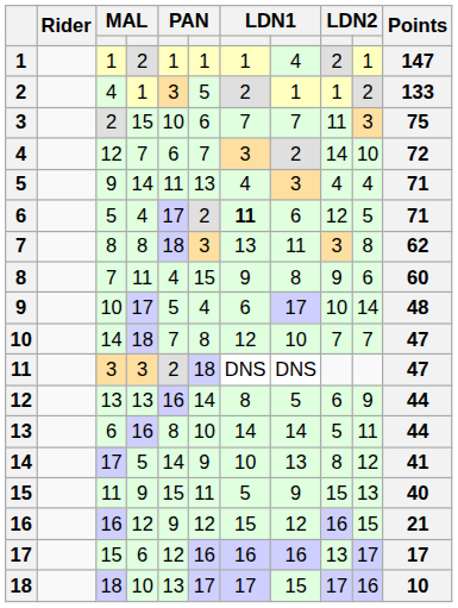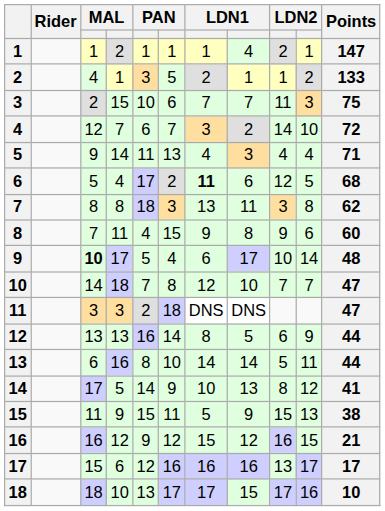 <table class="wikitable plainrowheaders" style="font-size:85%; text-align:center">
 <tr>
 <th rowspan=2 style="vertical-align:middle"></th>
 <th rowspan=2 style="vertical-align:middle">Rider</th>
 <th colspan=2>MAL<br></th>
 <th colspan=2>PAN<br></th>
 <th colspan=2>LDN1<br></th>
 <th colspan=2>LDN2<br></th>
 <th rowspan=2 style="vertical-align:middle">Points</th>
 </tr>
 <tr>
 <th></th>
 <th></th>
 <th></th>
 <th></th>
 <th></th>
 <th></th>
 <th></th>
 <th></th>
 </tr>
 <tr>
 <th>1</th>
 <td style="text-align:left"> </td>
 <td style="background:#FFFFBF;">1</td>
 <td style="background:#DFDFDF;">2</td>
 <td style="background:#FFFFBF;">1</td>
 <td style="background:#FFFFBF;">1</td>
 <td style="background:#FFFFBF;">1</td>
 <td style="background:#dfffdf;">4</td>
 <td style="background:#DFDFDF;">2</td>
 <td style="background:#FFFFBF;">1</td>
 <th>147</th>
 </tr>
 <tr>
 <th>2</th>
 <td style="text-align:left"></td>
 <td style="background:#dfffdf;">4</td>
 <td style="background:#FFFFBF;">1</td>
 <td style="background:#ffdf9f;">3</td>
 <td style="background:#dfffdf;">5</td>
 <td style="background:#DFDFDF;">2</td>
 <td style="background:#FFFFBF;">1</td>
 <td style="background:#FFFFBF;">1</td>
 <td style="background:#DFDFDF;">2</td>
 <th>133</th>
 </tr>
 <tr>
 <th>3</th>
 <td style="text-align:left"></td>
 <td style="background:#DFDFDF;">2</td>
 <td style="background:#dfffdf;">15</td>
 <td style="background:#dfffdf;">10</td>
 <td style="background:#dfffdf;">6</td>
 <td style="background:#dfffdf;">7</td>
 <td style="background:#dfffdf;">7</td>
 <td style="background:#dfffdf;">11</td>
 <td style="background:#ffdf9f;">3</td>
 <th>75</th>
 </tr>
 <tr>
 <th>4</th>
 <td style="text-align:left"></td>
 <td style="background:#dfffdf;">12</td>
 <td style="background:#dfffdf;">7</td>
 <td style="background:#dfffdf;">6</td>
 <td style="background:#dfffdf;">7</td>
 <td style="background:#ffdf9f;">3</td>
 <td style="background:#DFDFDF;">2</td>
 <td style="background:#dfffdf;">14</td>
 <td style="background:#dfffdf;">10</td>
 <th>72</th>
 </tr>
 <tr>
 <th>5</th>
 <td style="text-align:left"></td>
 <td style="background:#dfffdf;">9</td>
 <td style="background:#dfffdf;">14</td>
 <td style="background:#dfffdf;">11</td>
 <td style="background:#dfffdf;">13</td>
 <td style="background:#dfffdf;">4</td>
 <td style="background:#ffdf9f;">3</td>
 <td style="background:#dfffdf;">4</td>
 <td style="background:#dfffdf;">4</td>
 <th>71</th>
 </tr>
 <tr>
 <th>6</th>
 <td style="text-align:left"></td>
 <td style="background:#dfffdf;">5</td>
 <td style="background:#dfffdf;">4</td>
 <td style="background:#cfcfff;">17</td>
 <td style="background:#DFDFDF;">2</td>
 <td style="background:#dfffdf;"><strong>11</strong></td>
 <td style="background:#dfffdf;">6</td>
 <td style="background:#dfffdf;">12</td>
 <td style="background:#dfffdf;">5</td>
-<th>71</th>
+<th>68</th>
 </tr>
 <tr>
 <th>7</th>
 <td style="text-align:left"></td>
 <td style="background:#dfffdf;">8</td>
 <td style="background:#dfffdf;">8</td>
 <td style="background:#cfcfff;">18</td>
 <td style="background:#ffdf9f;">3</td>
 <td style="background:#dfffdf;">13</td>
 <td style="background:#dfffdf;">11</td>
 <td style="background:#ffdf9f;">3</td>
 <td style="background:#dfffdf;">8</td>
 <th>62</th>
 </tr>
 <tr>
 <th>8</th>
 <td style="text-align:left"></td>
 <td style="background:#dfffdf;">7</td>
 <td style="background:#dfffdf;">11</td>
 <td style="background:#dfffdf;">4</td>
 <td style="background:#dfffdf;">15</td>
 <td style="background:#dfffdf;">9</td>
 <td style="background:#dfffdf;">8</td>
 <td style="background:#dfffdf;">9</td>
 <td style="background:#dfffdf;">6</td>
 <th>60</th>
 </tr>
 <tr>
 <th>9</th>
 <td style="text-align:left"></td>
-<td style="background:#dfffdf;">10</td>
+<td style="background:#dfffdf;"><strong>10</strong></td>
 <td style="background:#cfcfff;">17</td>
 <td style="background:#dfffdf;">5</td>
 <td style="background:#dfffdf;">4</td>
 <td style="background:#dfffdf;">6</td>
 <td style="background:#cfcfff;">17</td>
 <td style="background:#dfffdf;">10</td>
 <td style="background:#dfffdf;">14</td>
 <th>48</th>
 </tr>
 <tr>
 <th>10</th>
 <td style="text-align:left"></td>
 <td style="background:#dfffdf;">14</td>
 <td style="background:#cfcfff;">18</td>
 <td style="background:#dfffdf;">7</td>
 <td style="background:#dfffdf;">8</td>
 <td style="background:#dfffdf;">12</td>
 <td style="background:#dfffdf;">10</td>
 <td style="background:#dfffdf;">7</td>
 <td style="background:#dfffdf;">7</td>
 <th>47</th>
 </tr>
 <tr>
 <th>11</th>
 <td style="text-align:left"></td>
 <td style="background:#ffdf9f;">3</td>
 <td style="background:#ffdf9f;">3</td>
 <td style="background:#DFDFDF;">2</td>
 <td style="background:#cfcfff;">18</td>
 <td style="background:#ffffff;">DNS</td>
 <td style="background:#ffffff;">DNS</td>
 <td></td>
 <td></td>
 <th>47</th>
 </tr>
 <tr>
 <th>12</th>
 <td style="text-align:left"></td>
 <td style="background:#dfffdf;">13</td>
 <td style="background:#dfffdf;">13</td>
 <td style="background:#cfcfff;">16</td>
 <td style="background:#dfffdf;">14</td>
 <td style="background:#dfffdf;">8</td>
 <td style="background:#dfffdf;">5</td>
 <td style="background:#dfffdf;">6</td>
 <td style="background:#dfffdf;">9</td>
 <th>44</th>
 </tr>
 <tr>
 <th>13</th>
 <td style="text-align:left"></td>
 <td style="background:#dfffdf;">6</td>
 <td style="background:#cfcfff;">16</td>
 <td style="background:#dfffdf;">8</td>
 <td style="background:#dfffdf;">10</td>
 <td style="background:#dfffdf;">14</td>
 <td style="background:#dfffdf;">14</td>
 <td style="background:#dfffdf;">5</td>
 <td style="background:#dfffdf;">11</td>
 <th>44</th>
 </tr>
 <tr>
 <th>14</th>
 <td style="text-align:left"></td>
 <td style="background:#cfcfff;">17</td>
 <td style="background:#dfffdf;">5</td>
 <td style="background:#dfffdf;">14</td>
 <td style="background:#dfffdf;">9</td>
 <td style="background:#dfffdf;">10</td>
 <td style="background:#dfffdf;">13</td>
 <td style="background:#dfffdf;">8</td>
 <td style="background:#dfffdf;">12</td>
 <th>41</th>
 </tr>
 <tr>
 <th>15</th>
 <td style="text-align:left"></td>
 <td style="background:#dfffdf;">11</td>
 <td style="background:#dfffdf;">9</td>
 <td style="background:#dfffdf;">15</td>
 <td style="background:#dfffdf;">11</td>
 <td style="background:#dfffdf;">5</td>
 <td style="background:#dfffdf;">9</td>
 <td style="background:#dfffdf;">15</td>
 <td style="background:#dfffdf;">13</td>
-<th>40</th>
+<th>38</th>
 </tr>
 <tr>
 <th>16</th>
 <td style="text-align:left"></td>
 <td style="background:#cfcfff;">16</td>
 <td style="background:#dfffdf;">12</td>
 <td style="background:#dfffdf;">9</td>
 <td style="background:#dfffdf;">12</td>
 <td style="background:#dfffdf;">15</td>
 <td style="background:#dfffdf;">12</td>
 <td style="background:#cfcfff;">16</td>
 <td style="background:#dfffdf;">15</td>
 <th>21</th>
 </tr>
 <tr>
 <th>17</th>
 <td style="text-align:left"></td>
 <td style="background:#dfffdf;">15</td>
 <td style="background:#dfffdf;">6</td>
 <td style="background:#dfffdf;">12</td>
 <td style="background:#cfcfff;">16</td>
 <td style="background:#cfcfff;">16</td>
 <td style="background:#cfcfff;">16</td>
 <td style="background:#dfffdf;">13</td>
 <td style="background:#cfcfff;">17</td>
 <th>17</th>
 </tr>
 <tr>
 <th>18</th>
 <td style="text-align:left"></td>
 <td style="background:#cfcfff;">18</td>
 <td style="background:#dfffdf;">10</td>
 <td style="background:#dfffdf;">13</td>
 <td style="background:#cfcfff;">17</td>
 <td style="background:#cfcfff;">17</td>
 <td style="background:#dfffdf;">15</td>
 <td style="background:#cfcfff;">17</td>
 <td style="background:#cfcfff;">16</td>
 <th>10</th>
 </tr>
 </table>
